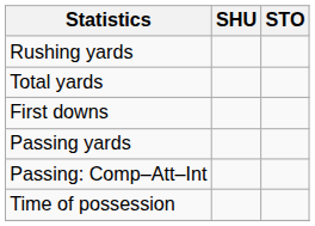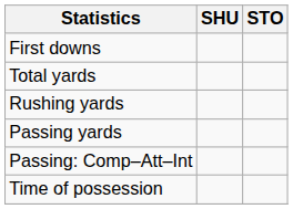 <table class="wikitable" style="float: left;">
 <tr>
 <th>Statistics</th>
 <th>SHU</th>
 <th>STO</th>
 </tr>
 <tr>
-<td>Rushing yards</td>
+<td>First downs</td>
 <td></td>
 <td></td>
 </tr>
 <tr>
 <td>Total yards</td>
 <td></td>
 <td></td>
 </tr>
 <tr>
-<td>First downs</td>
+<td>Rushing yards</td>
 <td></td>
 <td></td>
 </tr>
 <tr>
 <td>Passing yards</td>
 <td></td>
 <td></td>
 </tr>
 <tr>
 <td>Passing: Comp–Att–Int</td>
 <td></td>
 <td></td>
 </tr>
 <tr>
 <td>Time of possession</td>
 <td></td>
 <td></td>
 </tr>
 <tr>
 </tr>
 </table>
